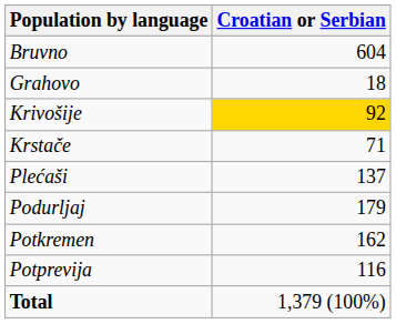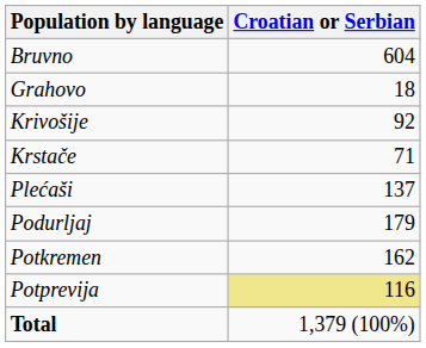 <table class="wikitable sortable">
 <tr>
 <th>Population by language</th>
 <th><a href='#'>Croatian</a> or <a href='#'>Serbian</a></th>
 </tr>
 <tr>
 <td><em>Bruvno</em></td>
 <td align="right">604</td>
 </tr>
 <tr>
 <td><em>Grahovo</em></td>
 <td align="right">18</td>
 </tr>
 <tr>
 <td><em>Krivošije</em></td>
-<td align="right" style="background: gold;">92</td>
+<td align="right">92</td>
 </tr>
 <tr>
 <td><em>Krstače</em></td>
 <td align="right">71</td>
 </tr>
 <tr>
 <td><em>Plećaši</em></td>
 <td align="right">137</td>
 </tr>
 <tr>
 <td><em>Podurljaj</em></td>
 <td align="right">179</td>
 </tr>
 <tr>
 <td><em>Potkremen</em></td>
 <td align="right">162</td>
 </tr>
 <tr>
 <td><em>Potprevija</em></td>
-<td align="right">116</td>
+<td align="right" style="background: khaki;">116</td>
 </tr>
 <tr>
 <td><strong>Total</strong></td>
 <td align="right">1,379 (100%)</td>
 </tr>
 </table>
